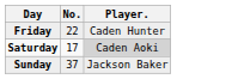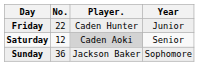 <table class="wikitable non-sortable">
 <tr>
 <th style="text-align:center; ">Day</th>
 <th style="text-align:center; ">No.</th>
 <th style="text-align:center; ">Player.</th>
+<th style="text-align:center; ">Year</th>
 </tr>
 <tr style="background:#eeeeee;text-align:center;">
 <td><strong>Friday</strong></td>
 <td>22</td>
 <td>Caden Hunter</td>
+<td>Junior</td>
 </tr>
 <tr style="text-align:center;">
 <td><strong>Saturday</strong></td>
-<td>17</td>
+<td>12</td>
 <td style="background: lightgrey;">Caden Aoki</td>
+<td>Senior</td>
 </tr>
 <tr style="background:#eeeeee;text-align:center;">
 <td><strong>Sunday</strong></td>
-<td>37</td>
+<td>36</td>
 <td>Jackson Baker</td>
+<td>Sophomore</td>
 </tr>
 </table>
